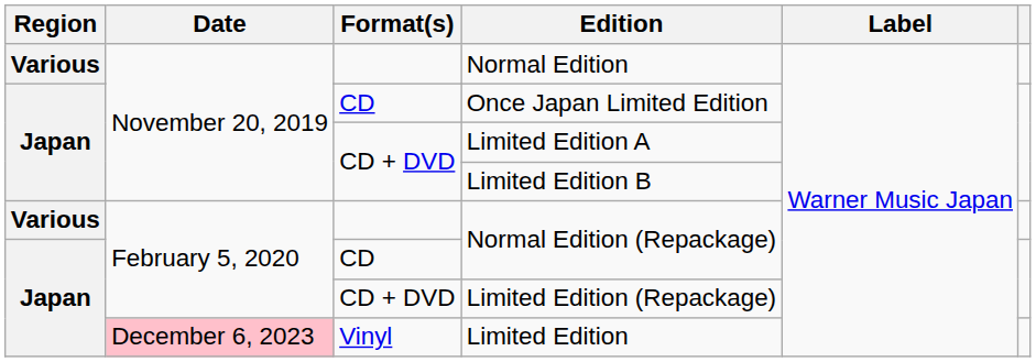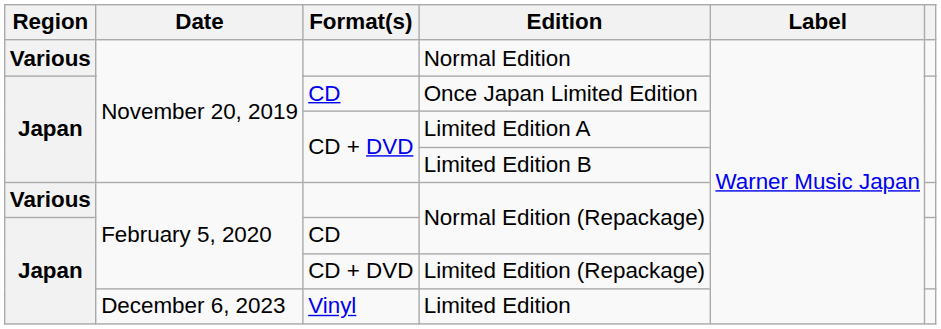 <table class="wikitable plainrowheaders" border="1">
 <tr>
 <th>Region</th>
 <th>Date</th>
 <th>Format(s)</th>
 <th>Edition</th>
 <th>Label</th>
 <th></th>
 </tr>
 <tr>
 <th scope="row">Various</th>
 <td rowspan="5">November 20, 2019</td>
 <td></td>
 <td rowspan="2">Normal Edition</td>
 <td rowspan="9"><a href='#'>Warner Music Japan</a></td>
 <td style="text-align:center;"></td>
 </tr>
 <tr>
 <th scope="row" rowspan="4">Japan</th>
 <td rowspan="2"><a href='#'>CD</a></td>
 <td style="text-align:center;" rowspan="4"></td>
 </tr>
 <tr>
 <td>Once Japan Limited Edition</td>
 </tr>
 <tr>
 <td rowspan="2">CD + <a href='#'>DVD</a></td>
 <td>Limited Edition A</td>
 </tr>
 <tr>
 <td>Limited Edition B</td>
 </tr>
 <tr>
 <th scope="row">Various</th>
 <td rowspan="3">February 5, 2020</td>
 <td></td>
 <td rowspan="2">Normal Edition (Repackage)</td>
 <td style="text-align:center;"></td>
 </tr>
 <tr>
 <th scope="row" rowspan="3">Japan</th>
 <td>CD</td>
 <td style="text-align:center;" rowspan="2"></td>
 </tr>
 <tr>
 <td>CD + DVD</td>
 <td>Limited Edition (Repackage)</td>
 </tr>
 <tr>
-<td style="background: pink;">December 6, 2023</td>
+<td>December 6, 2023</td>
 <td><a href='#'>Vinyl</a></td>
 <td>Limited Edition</td>
 <td style="text-align:center;"></td>
 </tr>
 </table>
